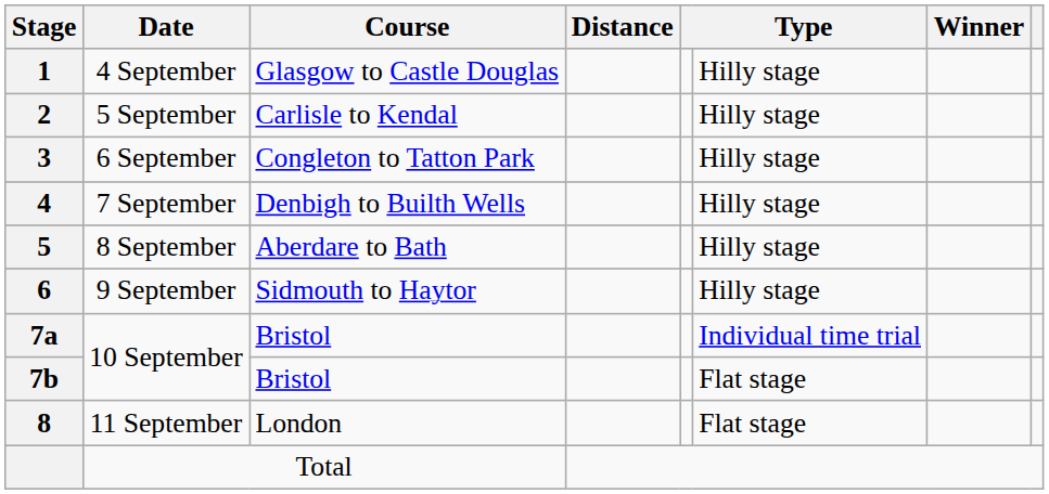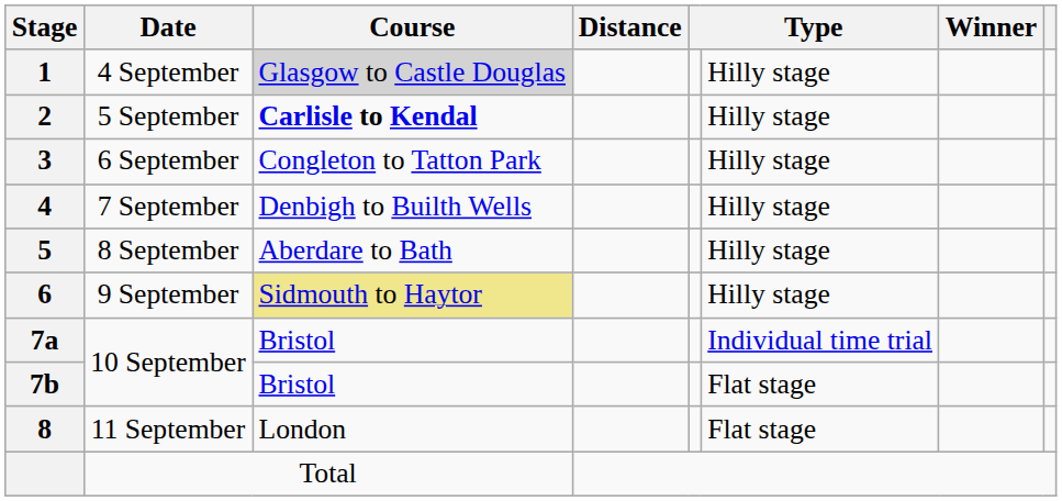 <table class="wikitable">
 <tr>
 <th scope="col">Stage</th>
 <th scope="col">Date</th>
 <th scope="col">Course</th>
 <th scope="col">Distance</th>
 <th scope="col" colspan="2">Type</th>
 <th scope="col">Winner</th>
 <th scope="col"></th>
 </tr>
 <tr>
 <th scope="row" style="text-align:center">1</th>
 <td style="text-align:center">4 September</td>
-<td><a href='#'>Glasgow</a> to <a href='#'>Castle Douglas</a></td>
+<td style="background: lightgrey;"><a href='#'>Glasgow</a> to <a href='#'>Castle Douglas</a></td>
 <td style="text-align:center;"></td>
 <td></td>
 <td>Hilly stage</td>
 <td></td>
 <td style="text-align:center"></td>
 </tr>
 <tr>
 <th scope="row" style="text-align:center">2</th>
 <td style="text-align:center">5 September</td>
-<td><a href='#'>Carlisle</a> to <a href='#'>Kendal</a></td>
+<td><strong><a href='#'>Carlisle</a> to <a href='#'>Kendal</a></strong></td>
 <td style="text-align:center;"></td>
 <td></td>
 <td>Hilly stage</td>
 <td></td>
 <td style="text-align:center"></td>
 </tr>
 <tr>
 <th scope="row" style="text-align:center">3</th>
 <td style="text-align:center">6 September</td>
 <td><a href='#'>Congleton</a> to <a href='#'>Tatton Park</a></td>
 <td style="text-align:center;"></td>
 <td></td>
 <td>Hilly stage</td>
 <td></td>
 <td style="text-align:center"></td>
 </tr>
 <tr>
 <th scope="row" style="text-align:center">4</th>
 <td style="text-align:center">7 September</td>
 <td><a href='#'>Denbigh</a> to <a href='#'>Builth Wells</a></td>
 <td style="text-align:center;"></td>
 <td></td>
 <td>Hilly stage</td>
 <td></td>
 <td style="text-align:center"></td>
 </tr>
 <tr>
 <th scope="row" style="text-align:center">5</th>
 <td style="text-align:center">8 September</td>
 <td><a href='#'>Aberdare</a> to <a href='#'>Bath</a></td>
 <td style="text-align:center;"></td>
 <td></td>
 <td>Hilly stage</td>
 <td></td>
 <td style="text-align:center"></td>
 </tr>
 <tr>
 <th scope="row" style="text-align:center">6</th>
 <td style="text-align:center">9 September</td>
-<td><a href='#'>Sidmouth</a> to <a href='#'>Haytor</a></td>
+<td style="background: khaki;"><a href='#'>Sidmouth</a> to <a href='#'>Haytor</a></td>
 <td style="text-align:center;"></td>
 <td></td>
 <td>Hilly stage</td>
 <td></td>
 <td style="text-align:center"></td>
 </tr>
 <tr>
 <th scope="row" style="text-align:center">7a</th>
 <td align=right rowspan=2>10 September</td>
 <td><a href='#'>Bristol</a></td>
 <td style="text-align:center;"></td>
 <td></td>
 <td><a href='#'>Individual time trial</a></td>
 <td></td>
 <td style="text-align:center"></td>
 </tr>
 <tr>
 <th scope="row" style="text-align:center">7b</th>
 <td><a href='#'>Bristol</a></td>
 <td style="text-align:center;"></td>
 <td></td>
 <td>Flat stage</td>
 <td></td>
 <td style="text-align:center"></td>
 </tr>
 <tr>
 <th scope="row" style="text-align:center">8</th>
 <td style="text-align:center">11 September</td>
 <td>London</td>
 <td style="text-align:center;"></td>
 <td></td>
 <td>Flat stage</td>
 <td></td>
 <td style="text-align:center"></td>
 </tr>
 <tr>
 <th scope="row"></th>
 <td colspan="2" style="text-align:center">Total</td>
 <td colspan="5" style="text-align:center"></td>
 </tr>
 </table>
